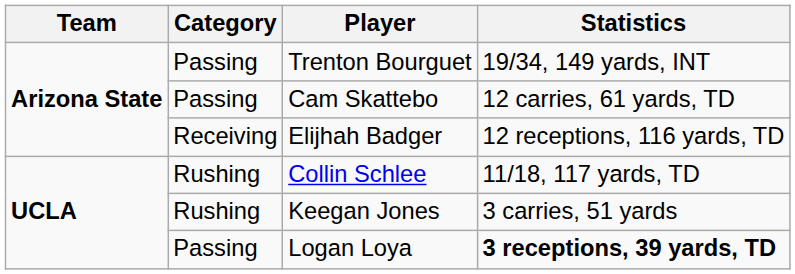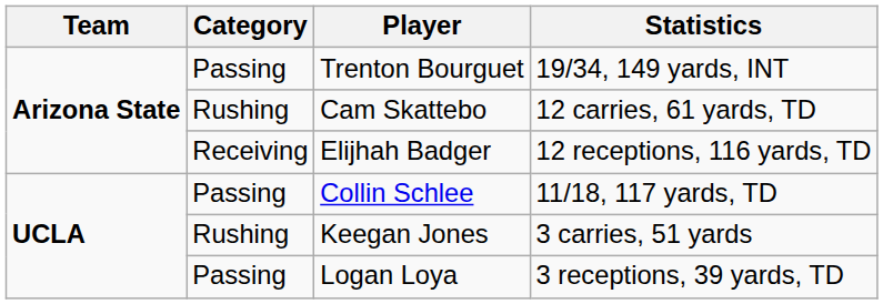 <table class="wikitable" style="float: right;">
 <tr>
 <th>Team</th>
 <th>Category</th>
 <th>Player</th>
 <th>Statistics</th>
 </tr>
 <tr>
 <td rowspan=3><strong>Arizona State</strong></td>
 <td>Passing</td>
 <td>Trenton Bourguet</td>
 <td>19/34, 149 yards, INT</td>
 </tr>
 <tr>
-<td>Passing</td>
+<td>Rushing</td>
 <td>Cam Skattebo</td>
 <td>12 carries, 61 yards, TD</td>
 </tr>
 <tr>
 <td>Receiving</td>
 <td>Elijhah Badger</td>
 <td>12 receptions, 116 yards, TD</td>
 </tr>
 <tr>
 <td rowspan=3><strong>UCLA</strong></td>
-<td>Rushing</td>
+<td>Passing</td>
 <td><a href='#'>Collin Schlee</a></td>
 <td>11/18, 117 yards, TD</td>
 </tr>
 <tr>
 <td>Rushing</td>
 <td>Keegan Jones</td>
 <td>3 carries, 51 yards</td>
 </tr>
 <tr>
 <td>Passing</td>
 <td>Logan Loya</td>
-<td><strong>3 receptions, 39 yards, TD</strong></td>
+<td>3 receptions, 39 yards, TD</td>
 </tr>
 </table>
